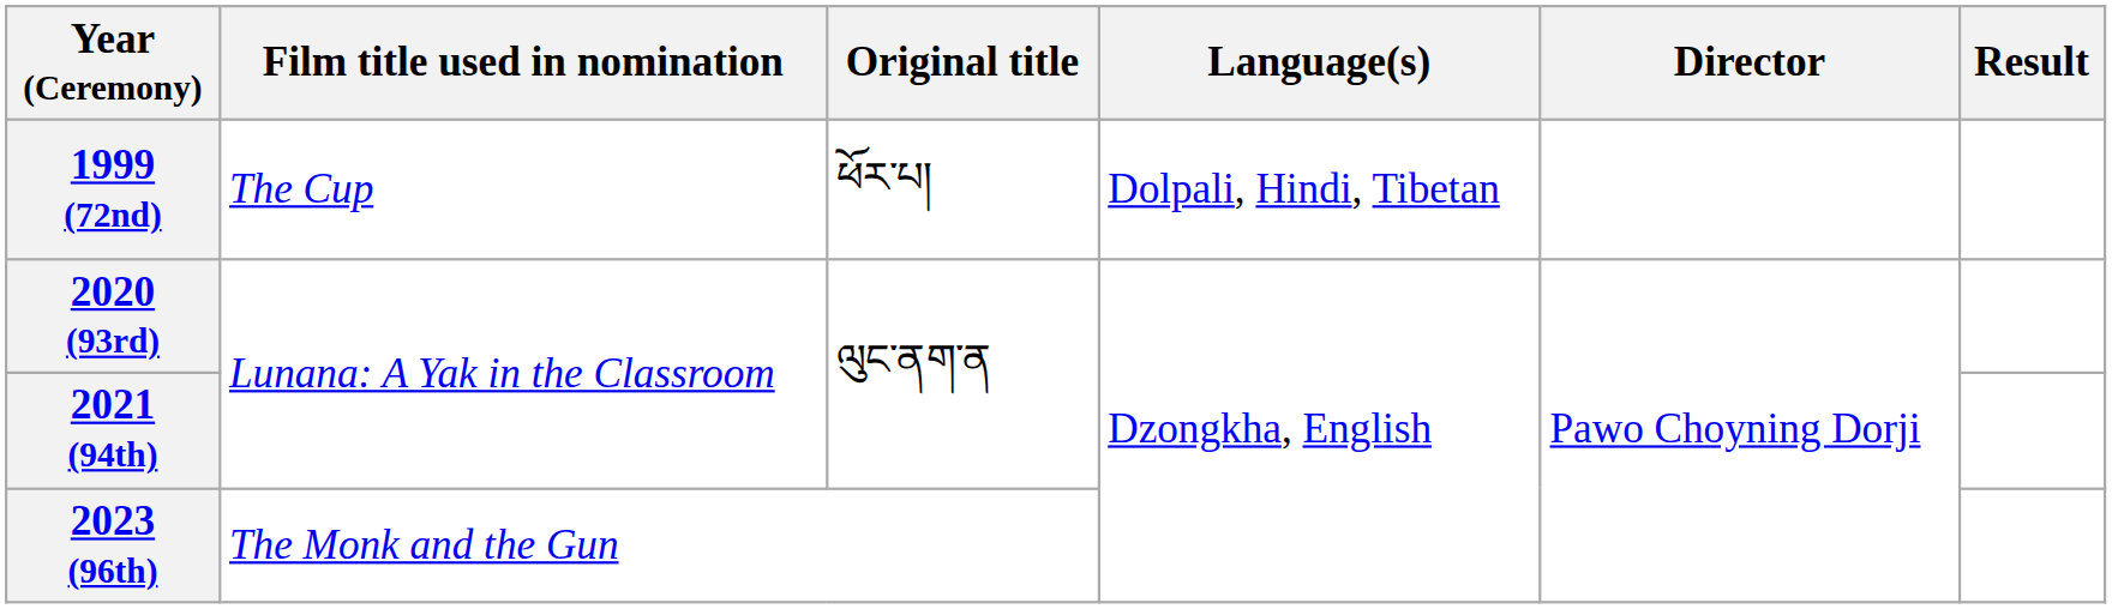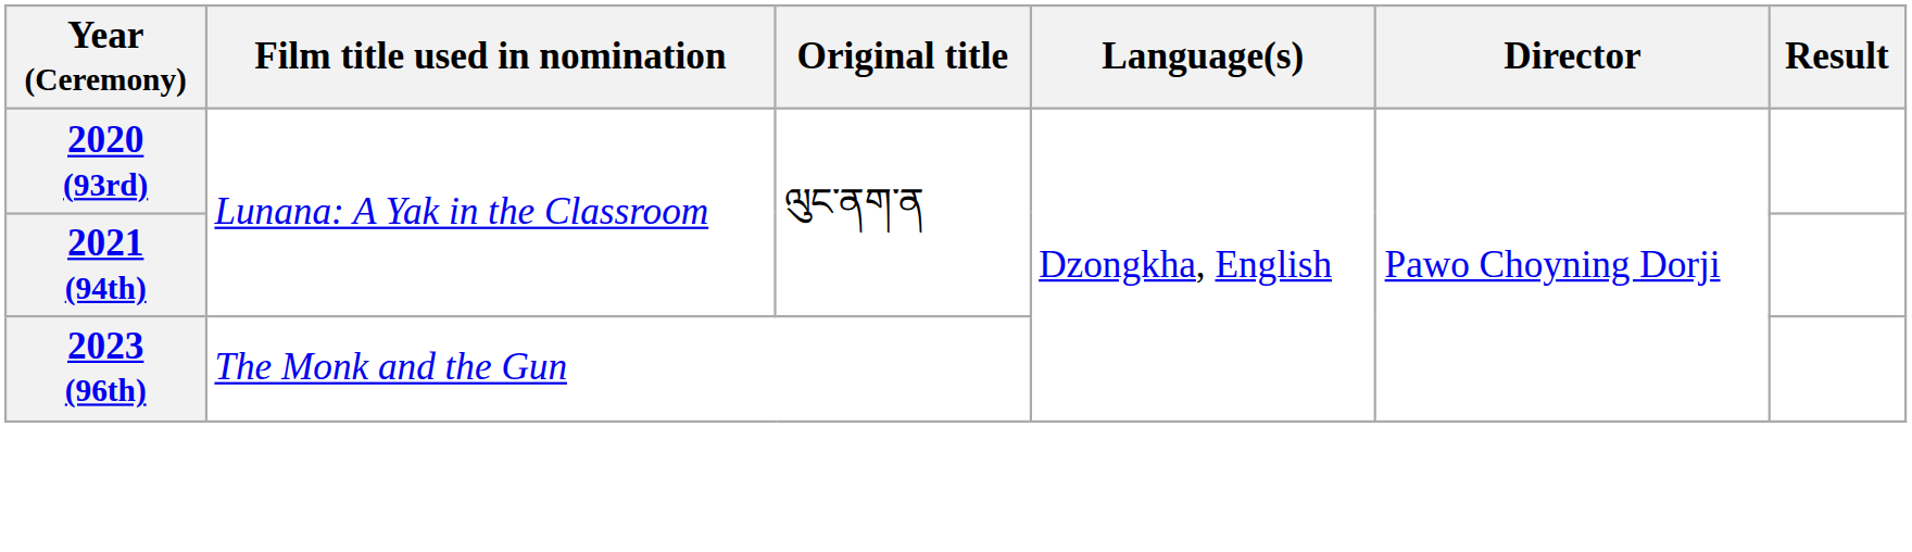 <table class="wikitable sortable" width="90%" style="background:#ffffff;">
 <tr>
 <th>Year<br><small>(Ceremony)</small></th>
 <th>Film title used in nomination</th>
 <th>Original title</th>
 <th>Language(s)</th>
 <th>Director</th>
 <th>Result</th>
-</tr>
-<tr>
-<th align="center"><a href='#'>1999</a><br><small><a href='#'>(72nd)</a></small></th>
-<td><em><a href='#'>The Cup</a></em></td>
-<td>ཕོར་པ།</td>
-<td><a href='#'>Dolpali</a>, <a href='#'>Hindi</a>, <a href='#'>Tibetan</a></td>
-<td></td>
-<td></td>
 </tr>
 <tr>
 <th align="center"><a href='#'>2020</a><br><small><a href='#'>(93rd)</a></small></th>
 <td rowspan="2"><em><a href='#'>Lunana: A Yak in the Classroom</a></em></td>
 <td rowspan="2">ལུང་ནག་ན</td>
 <td rowspan="3"><a href='#'>Dzongkha</a>, <a href='#'>English</a></td>
 <td rowspan="3"><a href='#'>Pawo Choyning Dorji</a></td>
 <td></td>
 </tr>
 <tr>
 <th align="center"><a href='#'>2021</a><br><small><a href='#'>(94th)</a></small></th>
 <td></td>
 </tr>
 <tr>
 <th align="center"><a href='#'>2023</a><br><small><a href='#'>(96th)</a></small></th>
 <td colspan="2"><em><a href='#'>The Monk and the Gun</a></em></td>
 <td></td>
 </tr>
 </table>
